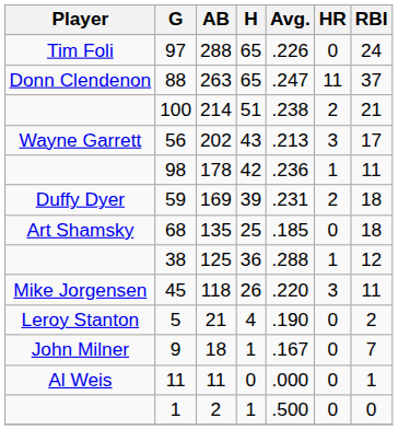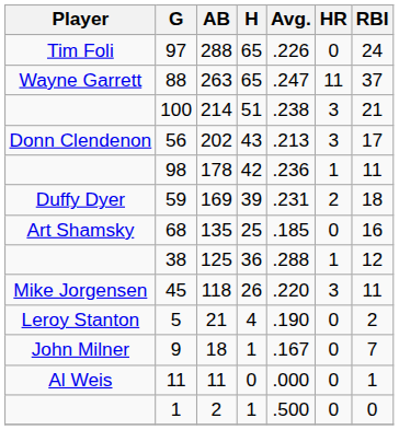 <table class="wikitable sortable">
 <tr>
 <th>Player</th>
 <th>G</th>
 <th>AB</th>
 <th>H</th>
 <th>Avg.</th>
 <th>HR</th>
 <th>RBI</th>
 </tr>
 <tr align="center">
 <td><a href='#'>Tim Foli</a></td>
 <td>97</td>
 <td>288</td>
 <td>65</td>
 <td>.226</td>
 <td>0</td>
 <td>24</td>
 </tr>
 <tr align=center>
-<td><a href='#'>Donn Clendenon</a></td>
+<td><a href='#'>Wayne Garrett</a></td>
 <td>88</td>
 <td>263</td>
 <td>65</td>
 <td>.247</td>
 <td>11</td>
 <td>37</td>
 </tr>
 <tr align=center>
 <td></td>
 <td>100</td>
 <td>214</td>
 <td>51</td>
 <td>.238</td>
-<td>2</td>
+<td>3</td>
 <td>21</td>
 </tr>
 <tr align="center">
-<td><a href='#'>Wayne Garrett</a></td>
+<td><a href='#'>Donn Clendenon</a></td>
 <td>56</td>
 <td>202</td>
 <td>43</td>
 <td>.213</td>
 <td>3</td>
 <td>17</td>
 </tr>
 <tr align=center>
 <td></td>
 <td>98</td>
 <td>178</td>
 <td>42</td>
 <td>.236</td>
 <td>1</td>
 <td>11</td>
 </tr>
 <tr align="center">
 <td><a href='#'>Duffy Dyer</a></td>
 <td>59</td>
 <td>169</td>
 <td>39</td>
 <td>.231</td>
 <td>2</td>
 <td>18</td>
 </tr>
 <tr align=center>
 <td><a href='#'>Art Shamsky</a></td>
 <td>68</td>
 <td>135</td>
 <td>25</td>
 <td>.185</td>
 <td>0</td>
-<td>18</td>
+<td>16</td>
 </tr>
 <tr align=center>
 <td></td>
 <td>38</td>
 <td>125</td>
 <td>36</td>
 <td>.288</td>
 <td>1</td>
 <td>12</td>
 </tr>
 <tr align="center">
 <td><a href='#'>Mike Jorgensen</a></td>
 <td>45</td>
 <td>118</td>
 <td>26</td>
 <td>.220</td>
 <td>3</td>
 <td>11</td>
 </tr>
 <tr align=center>
 <td><a href='#'>Leroy Stanton</a></td>
 <td>5</td>
 <td>21</td>
 <td>4</td>
 <td>.190</td>
 <td>0</td>
 <td>2</td>
 </tr>
 <tr align=center>
 <td><a href='#'>John Milner</a></td>
 <td>9</td>
 <td>18</td>
 <td>1</td>
 <td>.167</td>
 <td>0</td>
 <td>7</td>
 </tr>
 <tr align=center>
 <td><a href='#'>Al Weis</a></td>
 <td>11</td>
 <td>11</td>
 <td>0</td>
 <td>.000</td>
 <td>0</td>
 <td>1</td>
 </tr>
 <tr align=center>
 <td></td>
 <td>1</td>
 <td>2</td>
 <td>1</td>
 <td>.500</td>
 <td>0</td>
 <td>0</td>
 </tr>
 <tr align="center">
 </tr>
 </table>
